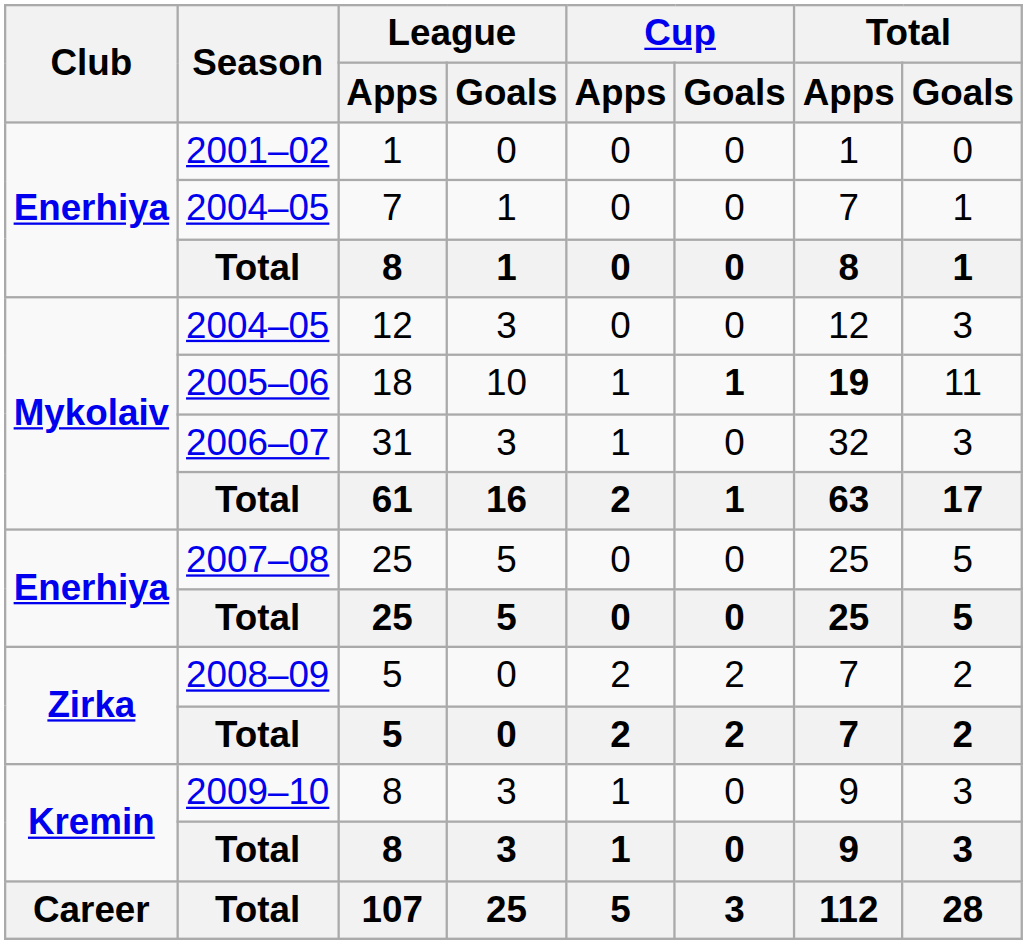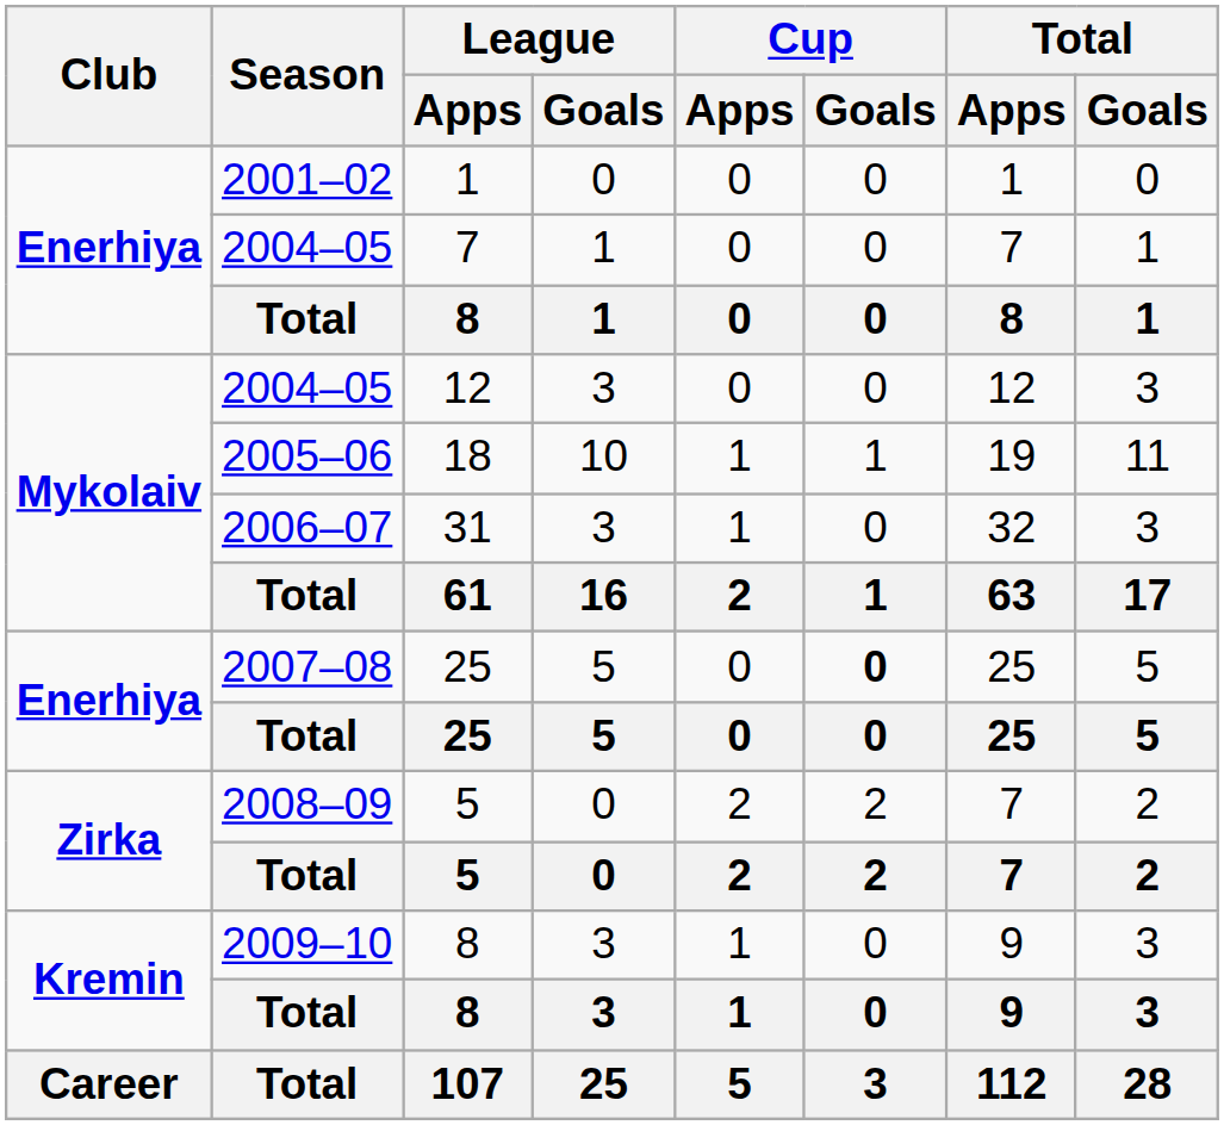 <table class="wikitable sortable" style="text-align: center;">
 <tr>
 <th rowspan="2">Club</th>
 <th rowspan="2">Season</th>
 <th colspan="2">League</th>
 <th colspan="2"><a href='#'>Cup</a></th>
 <th colspan="2">Total</th>
 </tr>
 <tr>
 <th>Apps</th>
 <th>Goals</th>
 <th>Apps</th>
 <th>Goals</th>
 <th>Apps</th>
 <th>Goals</th>
 </tr>
 <tr>
 <td rowspan="3"><strong><a href='#'>Enerhiya</a></strong></td>
 <td><a href='#'>2001–02</a></td>
 <td>1</td>
 <td>0</td>
 <td>0</td>
 <td>0</td>
 <td>1</td>
 <td>0</td>
 </tr>
 <tr>
 <td><a href='#'>2004–05</a></td>
 <td>7</td>
 <td>1</td>
 <td>0</td>
 <td>0</td>
 <td>7</td>
 <td>1</td>
 </tr>
 <tr>
 <th>Total</th>
 <th>8</th>
 <th>1</th>
 <th>0</th>
 <th>0</th>
 <th>8</th>
 <th>1</th>
 </tr>
 <tr>
 <td rowspan="4"><strong><a href='#'>Mykolaiv</a></strong></td>
 <td><a href='#'>2004–05</a></td>
 <td>12</td>
 <td>3</td>
 <td>0</td>
 <td>0</td>
 <td>12</td>
 <td>3</td>
 </tr>
 <tr>
 <td><a href='#'>2005–06</a></td>
 <td>18</td>
 <td>10</td>
 <td>1</td>
-<td><strong>1</strong></td>
-<td><strong>19</strong></td>
+<td>1</td>
+<td>19</td>
 <td>11</td>
 </tr>
 <tr>
 <td><a href='#'>2006–07</a></td>
 <td>31</td>
 <td>3</td>
 <td>1</td>
 <td>0</td>
 <td>32</td>
 <td>3</td>
 </tr>
 <tr>
 <th>Total</th>
 <th>61</th>
 <th>16</th>
 <th>2</th>
 <th>1</th>
 <th>63</th>
 <th>17</th>
 </tr>
 <tr>
 <td rowspan="2"><strong><a href='#'>Enerhiya</a></strong></td>
 <td><a href='#'>2007–08</a></td>
 <td>25</td>
 <td>5</td>
 <td>0</td>
-<td>0</td>
+<td><strong>0</strong></td>
 <td>25</td>
 <td>5</td>
 </tr>
 <tr>
 <th>Total</th>
 <th>25</th>
 <th>5</th>
 <th>0</th>
 <th>0</th>
 <th>25</th>
 <th>5</th>
 </tr>
 <tr>
 <td rowspan="2"><strong><a href='#'>Zirka</a></strong></td>
 <td><a href='#'>2008–09</a></td>
 <td>5</td>
 <td>0</td>
 <td>2</td>
 <td>2</td>
 <td>7</td>
 <td>2</td>
 </tr>
 <tr>
 <th>Total</th>
 <th>5</th>
 <th>0</th>
 <th>2</th>
 <th>2</th>
 <th>7</th>
 <th>2</th>
 </tr>
 <tr>
 <td rowspan="2"><strong><a href='#'>Kremin</a></strong></td>
 <td><a href='#'>2009–10</a></td>
 <td>8</td>
 <td>3</td>
 <td>1</td>
 <td>0</td>
 <td>9</td>
 <td>3</td>
 </tr>
 <tr>
 <th>Total</th>
 <th>8</th>
 <th>3</th>
 <th>1</th>
 <th>0</th>
 <th>9</th>
 <th>3</th>
 </tr>
 <tr>
 <th>Career</th>
 <th>Total</th>
 <th>107</th>
 <th>25</th>
 <th>5</th>
 <th>3</th>
 <th>112</th>
 <th>28</th>
 </tr>
 <tr>
 </tr>
 </table>
